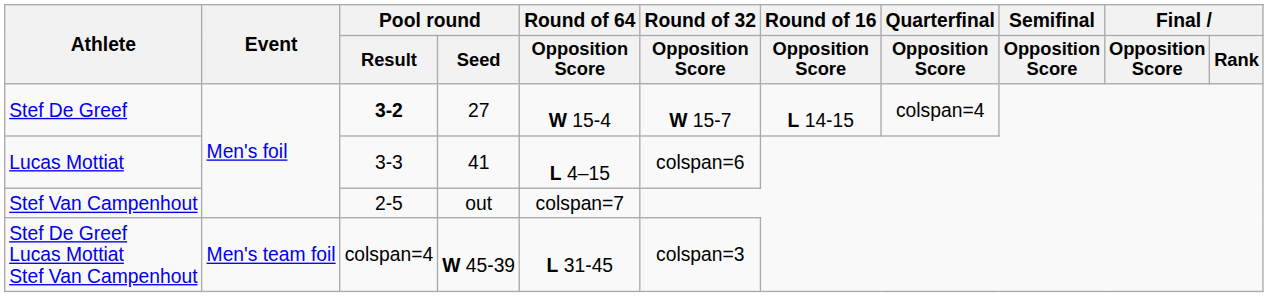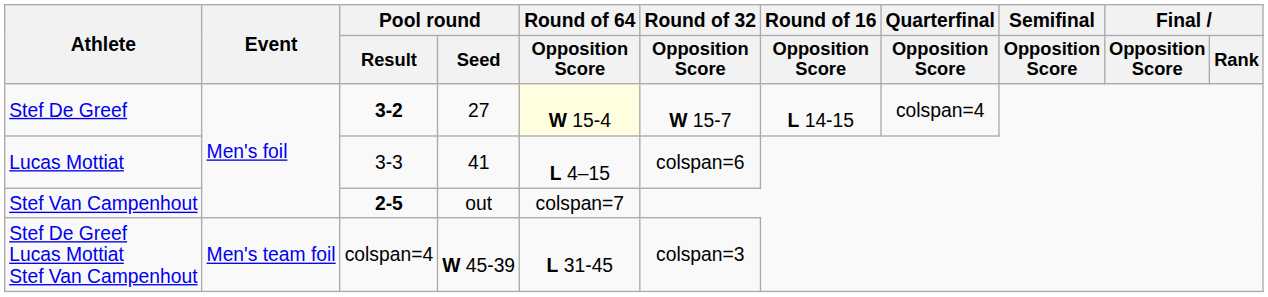 <table class="wikitable" style="text-align:center; font-size:90%">
 <tr>
 <th rowspan=2>Athlete</th>
 <th rowspan=2>Event</th>
 <th colspan=2>Pool round</th>
 <th>Round of 64</th>
 <th>Round of 32</th>
 <th>Round of 16</th>
 <th>Quarterfinal</th>
 <th>Semifinal</th>
 <th colspan=2>Final / </th>
 </tr>
 <tr style="font-size:95%">
 <th>Result</th>
 <th>Seed</th>
 <th>Opposition<br>Score</th>
 <th>Opposition<br>Score</th>
 <th>Opposition<br>Score</th>
 <th>Opposition<br>Score</th>
 <th>Opposition<br>Score</th>
 <th>Opposition<br>Score</th>
 <th>Rank</th>
 </tr>
 <tr>
 <td align=left><a href='#'>Stef De Greef</a></td>
 <td rowspan=3 align=left><a href='#'>Men's foil</a></td>
 <td><strong>3-2</strong></td>
 <td>27</td>
-<td><br><strong>W</strong> 15-4</td>
+<td style="background: lightyellow;"><br><strong>W</strong> 15-4</td>
 <td><br><strong>W</strong> 15-7</td>
 <td><br><strong>L</strong> 14-15</td>
 <td>colspan=4 </td>
 </tr>
 <tr>
 <td align=left><a href='#'>Lucas Mottiat</a></td>
 <td>3-3</td>
 <td>41</td>
 <td><br><strong>L</strong> 4–15</td>
 <td>colspan=6 </td>
 </tr>
 <tr>
 <td align=left><a href='#'>Stef Van Campenhout</a></td>
-<td>2-5</td>
+<td><strong>2-5</strong></td>
 <td>out</td>
 <td>colspan=7 </td>
 </tr>
 <tr>
 <td align=left><a href='#'>Stef De Greef</a><br><a href='#'>Lucas Mottiat</a><br><a href='#'>Stef Van Campenhout</a></td>
 <td align=left><a href='#'>Men's team foil</a></td>
 <td>colspan=4 </td>
 <td><br><strong>W</strong> 45-39</td>
 <td><br><strong>L</strong> 31-45</td>
 <td>colspan=3 </td>
 </tr>
 </table>
